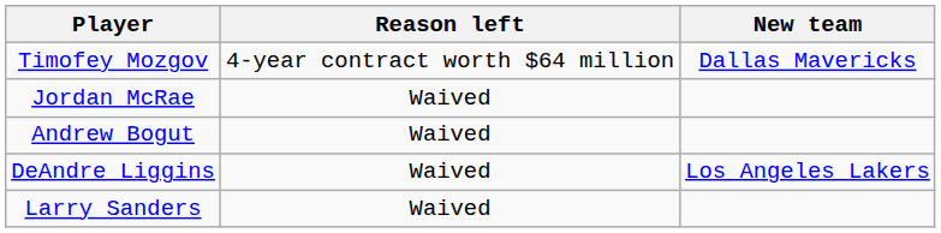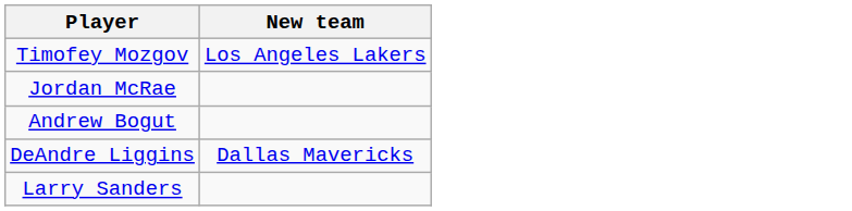 <table class="wikitable sortable sortable" style="text-align: center">
 <tr>
 <th>Player</th>
-<th>Reason left</th>
 <th>New team</th>
 </tr>
 <tr style="text-align: center">
 <td><a href='#'>Timofey Mozgov</a></td>
-<td>4-year contract worth $64 million</td>
-<td><a href='#'>Dallas Mavericks</a></td>
+<td><a href='#'>Los Angeles Lakers</a></td>
 </tr>
 <tr style="text-align: center">
 <td><a href='#'>Jordan McRae</a></td>
-<td>Waived</td>
 <td></td>
 </tr>
 <tr style="text-align: center">
 <td><a href='#'>Andrew Bogut</a></td>
-<td>Waived</td>
 <td></td>
 </tr>
 <tr style="text-align: center">
 <td><a href='#'>DeAndre Liggins</a></td>
-<td>Waived</td>
-<td><a href='#'>Los Angeles Lakers</a></td>
+<td><a href='#'>Dallas Mavericks</a></td>
 </tr>
 <tr>
 <td><a href='#'>Larry Sanders</a></td>
-<td>Waived</td>
 <td></td>
 </tr>
 </table>
